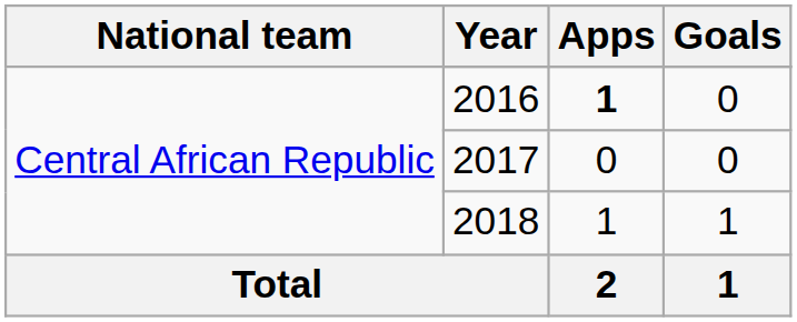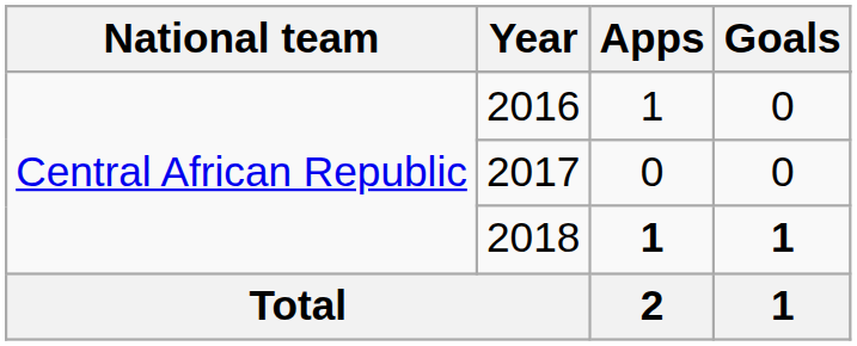 <table class="wikitable" style="text-align:center">
 <tr>
 <th>National team</th>
 <th>Year</th>
 <th>Apps</th>
 <th>Goals</th>
 </tr>
 <tr>
 <td rowspan="4"><a href='#'>Central African Republic</a></td>
 </tr>
 <tr>
 <td>2016</td>
-<td><strong>1</strong></td>
+<td>1</td>
 <td>0</td>
 </tr>
 <tr>
 <td>2017</td>
 <td>0</td>
 <td>0</td>
 </tr>
 <tr>
 <td>2018</td>
-<td>1</td>
-<td>1</td>
+<td><strong>1</strong></td>
+<td><strong>1</strong></td>
 </tr>
 <tr>
 <th colspan=2>Total</th>
 <th>2</th>
 <th>1</th>
 </tr>
 </table>
